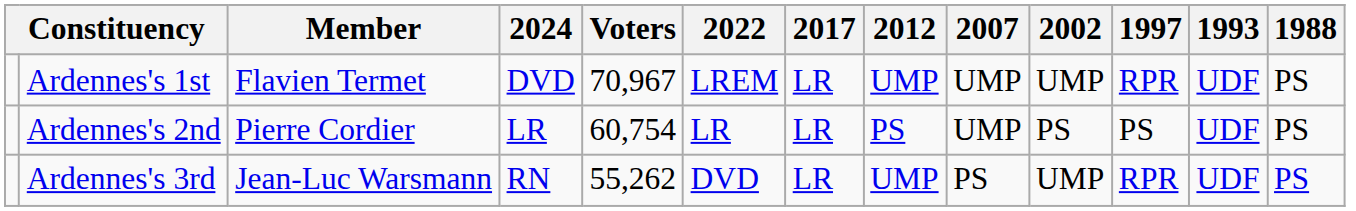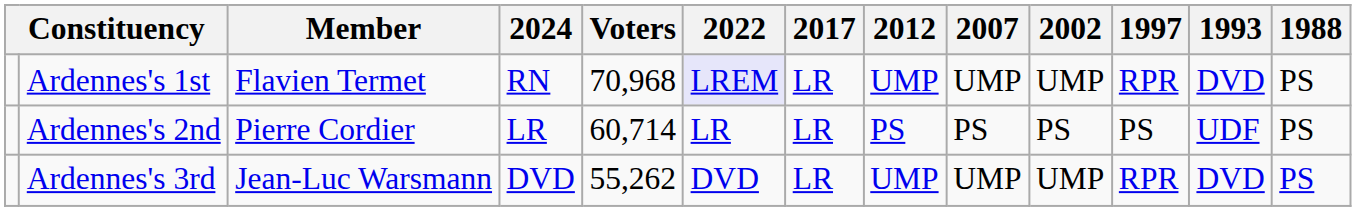 <table class="wikitable sortable">
 <tr>
 <th colspan="2">Constituency</th>
 <th>Member</th>
 <th>2024</th>
 <th>Voters</th>
 <th>2022</th>
 <th>2017</th>
 <th>2012</th>
 <th>2007</th>
 <th>2002</th>
 <th>1997</th>
 <th>1993</th>
 <th>1988</th>
 </tr>
 <tr>
 <td style="background-color: "></td>
 <td><a href='#'>Ardennes's 1st</a></td>
 <td><a href='#'>Flavien Termet</a></td>
-<td><a href='#'>DVD</a></td>
-<td>70,967</td>
-<td><a href='#'>LREM</a></td>
+<td><a href='#'>RN</a></td>
+<td>70,968</td>
+<td style="background: lavender;"><a href='#'>LREM</a></td>
 <td><a href='#'>LR</a></td>
 <td bgcolor=><a href='#'>UMP</a></td>
 <td bgcolor=>UMP</td>
 <td bgcolor=>UMP</td>
 <td bgcolor=><a href='#'>RPR</a></td>
-<td bgcolor=><a href='#'>UDF</a></td>
+<td bgcolor=><a href='#'>DVD</a></td>
 <td bgcolor=>PS</td>
 </tr>
 <tr>
 <td style="background-color: "></td>
 <td><a href='#'>Ardennes's 2nd</a></td>
 <td><a href='#'>Pierre Cordier</a></td>
 <td><a href='#'>LR</a></td>
-<td>60,754</td>
+<td>60,714</td>
 <td><a href='#'>LR</a></td>
 <td><a href='#'>LR</a></td>
 <td bgcolor=><a href='#'>PS</a></td>
-<td bgcolor=>UMP</td>
+<td bgcolor=>PS</td>
 <td bgcolor=>PS</td>
 <td bgcolor=>PS</td>
 <td bgcolor=><a href='#'>UDF</a></td>
 <td bgcolor=>PS</td>
 </tr>
 <tr>
 <td style="background-color: "></td>
 <td><a href='#'>Ardennes's 3rd</a></td>
 <td><a href='#'>Jean-Luc Warsmann</a></td>
-<td><a href='#'>RN</a></td>
+<td><a href='#'>DVD</a></td>
 <td>55,262</td>
 <td><a href='#'>DVD</a></td>
 <td><a href='#'>LR</a></td>
 <td bgcolor=><a href='#'>UMP</a></td>
-<td bgcolor=>PS</td>
+<td bgcolor=>UMP</td>
 <td bgcolor=>UMP</td>
 <td bgcolor=><a href='#'>RPR</a></td>
-<td bgcolor=><a href='#'>UDF</a></td>
+<td bgcolor=><a href='#'>DVD</a></td>
 <td bgcolor=><a href='#'>PS</a></td>
 </tr>
 </table>
